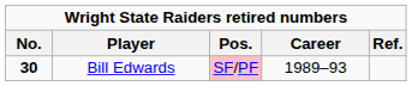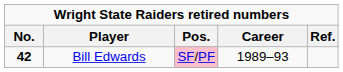 <table class="wikitable sortable" style="text-align:center">
 <tr>
 <td colspan="5"><strong>Wright State Raiders retired numbers</strong></td>
 </tr>
 <tr>
 <th width=40px>No.</th>
 <th width=150px>Player</th>
 <th width=px>Pos.</th>
 <th width=100px>Career</th>
 <th width=px>Ref.</th>
 </tr>
 <tr>
-<td><strong>30</strong></td>
+<td><strong>42</strong></td>
 <td><a href='#'>Bill Edwards</a></td>
 <td style="background: pink;"><a href='#'>SF</a>/<a href='#'>PF</a></td>
 <td>1989–93</td>
 <td></td>
 </tr>
 </table>
